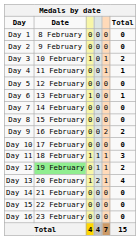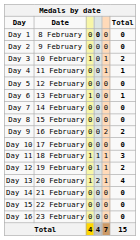 <table class=wikitable style="font-size:85%">
 <tr bgcolor=efefef>
 <th colspan=6><strong>Medals by date</strong></th>
 </tr>
 <tr align=center>
 <td><strong>Day</strong></td>
 <td><strong>Date</strong></td>
 <td bgcolor=#f7f6a8></td>
 <td bgcolor=#dce5e5></td>
 <td bgcolor=#ffdab9></td>
 <td><strong>Total</strong></td>
 </tr>
 <tr align=center>
 <td>Day 1</td>
 <td>8 February</td>
 <td bgcolor=F7F6A8>0</td>
-<td bgcolor=DCE5E5>0</td>
+<td bgcolor=DCE5E5><strong>0</strong></td>
 <td bgcolor=FFDAB9>0</td>
 <td><strong>0</strong></td>
 </tr>
 <tr align=center>
 <td>Day 2</td>
 <td>9 February</td>
 <td bgcolor=F7F6A8>0</td>
 <td bgcolor=DCE5E5>0</td>
 <td bgcolor=FFDAB9>0</td>
 <td><strong>0</strong></td>
 </tr>
 <tr align=center>
 <td>Day 3</td>
 <td>10 February</td>
 <td bgcolor=F7F6A8>1</td>
 <td bgcolor=DCE5E5>0</td>
 <td bgcolor=FFDAB9>1</td>
 <td><strong>2</strong></td>
 </tr>
 <tr align=center>
 <td>Day 4</td>
 <td>11 February</td>
 <td bgcolor=F7F6A8>0</td>
 <td bgcolor=DCE5E5>0</td>
 <td bgcolor=FFDAB9>1</td>
 <td><strong>1</strong></td>
 </tr>
 <tr align=center>
 <td>Day 5</td>
 <td>12 February</td>
 <td bgcolor=F7F6A8>0</td>
 <td bgcolor=DCE5E5>0</td>
 <td bgcolor=FFDAB9>0</td>
 <td><strong>0</strong></td>
 </tr>
 <tr align=center>
 <td>Day 6</td>
 <td>13 February</td>
 <td bgcolor=F7F6A8>1</td>
 <td bgcolor=DCE5E5>0</td>
 <td bgcolor=FFDAB9>0</td>
 <td><strong>1</strong></td>
 </tr>
 <tr align=center>
 <td>Day 7</td>
 <td>14 February</td>
 <td bgcolor=F7F6A8>0</td>
 <td bgcolor=DCE5E5>0</td>
 <td bgcolor=FFDAB9>0</td>
 <td><strong>0</strong></td>
 </tr>
 <tr align=center>
 <td>Day 8</td>
 <td>15 February</td>
 <td bgcolor=F7F6A8>0</td>
 <td bgcolor=DCE5E5>0</td>
 <td bgcolor=FFDAB9>0</td>
 <td><strong>0</strong></td>
 </tr>
 <tr align=center>
 <td>Day 9</td>
 <td>16 February</td>
 <td bgcolor=F7F6A8>0</td>
 <td bgcolor=DCE5E5>0</td>
 <td bgcolor=FFDAB9>2</td>
 <td><strong>2</strong></td>
 </tr>
 <tr align=center>
 <td>Day 10</td>
 <td>17 February</td>
 <td bgcolor=F7F6A8>0</td>
 <td bgcolor=DCE5E5>0</td>
 <td bgcolor=FFDAB9>0</td>
 <td><strong>0</strong></td>
 </tr>
 <tr align=center>
 <td>Day 11</td>
 <td>18 February</td>
 <td bgcolor=F7F6A8>1</td>
 <td bgcolor=DCE5E5>1</td>
 <td bgcolor=FFDAB9>1</td>
 <td><strong>3</strong></td>
 </tr>
 <tr align=center>
 <td>Day 12</td>
-<td style="background: lightgreen;">19 February</td>
+<td>19 February</td>
 <td bgcolor=F7F6A8>0</td>
 <td bgcolor=DCE5E5>1</td>
 <td bgcolor=FFDAB9>1</td>
 <td><strong>2</strong></td>
 </tr>
 <tr align=center>
 <td>Day 13</td>
 <td>20 February</td>
 <td bgcolor=F7F6A8>1</td>
 <td bgcolor=DCE5E5>2</td>
 <td bgcolor=FFDAB9>1</td>
 <td><strong>4</strong></td>
 </tr>
 <tr align=center>
 <td>Day 14</td>
 <td>21 February</td>
 <td bgcolor=F7F6A8>0</td>
 <td bgcolor=DCE5E5>0</td>
 <td bgcolor=FFDAB9>0</td>
 <td><strong>0</strong></td>
 </tr>
 <tr align=center>
 <td>Day 15</td>
 <td>22 February</td>
 <td bgcolor=F7F6A8>0</td>
 <td bgcolor=DCE5E5>0</td>
 <td bgcolor=FFDAB9>0</td>
 <td><strong>0</strong></td>
 </tr>
 <tr align=center>
 <td>Day 16</td>
 <td>23 February</td>
 <td bgcolor=F7F6A8>0</td>
 <td bgcolor=DCE5E5>0</td>
 <td bgcolor=FFDAB9>0</td>
 <td><strong>0</strong></td>
 </tr>
 <tr>
 <th colspan=2><strong>Total</strong></th>
 <th style="background:gold"><strong>4</strong></th>
 <th style="background:silver"><strong>4</strong></th>
 <th style="background:#c96"><strong>7</strong></th>
 <th><strong>15</strong></th>
 </tr>
 </table>
